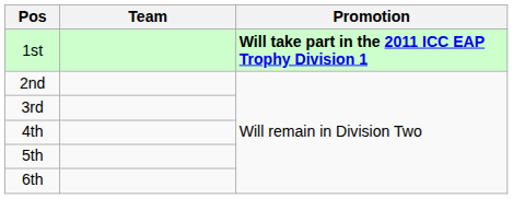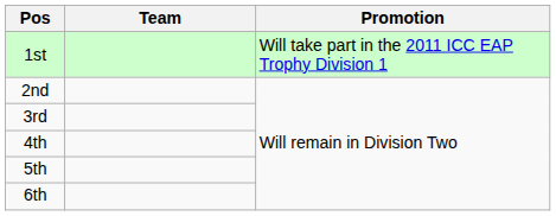 <table class="wikitable">
 <tr>
 <th width=50>Pos</th>
 <th width=175>Team</th>
 <th width=275>Promotion</th>
 </tr>
 <tr style="background:#ccffcc">
 <td align="center">1st</td>
 <td></td>
-<td rowspan=1><strong>Will take part in the <a href='#'>2011 ICC EAP Trophy Division 1</a></strong></td>
+<td rowspan=1>Will take part in the <a href='#'>2011 ICC EAP Trophy Division 1</a></td>
 </tr>
 <tr>
 <td align="center">2nd</td>
 <td></td>
 <td rowspan= 5>Will remain in Division Two</td>
 </tr>
 <tr>
 <td align="center">3rd</td>
 <td></td>
 </tr>
 <tr>
 <td align="center">4th</td>
 <td></td>
 </tr>
 <tr>
 <td align="center">5th</td>
 <td></td>
 </tr>
 <tr>
 <td align="center">6th</td>
 <td></td>
 </tr>
 </table>
